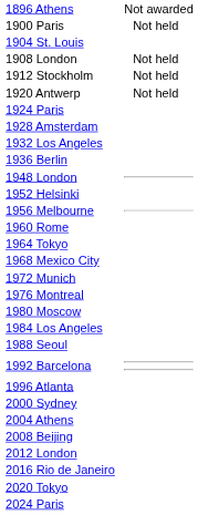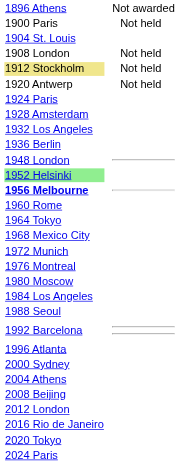 <table>
 <tr>
 <td><a href='#'>1896 Athens</a><br></td>
 <td></td>
 <td></td>
 <td>Not awarded</td>
 </tr>
 <tr>
 <td>1900 Paris</td>
 <td colspan=3 align=center>Not held</td>
 </tr>
 <tr>
 <td><a href='#'>1904 St. Louis</a><br></td>
 <td></td>
 <td></td>
 <td></td>
 </tr>
 <tr>
 <td>1908 London</td>
 <td colspan=3 align=center>Not held</td>
 </tr>
 <tr>
-<td>1912 Stockholm</td>
+<td style="background: khaki;">1912 Stockholm</td>
 <td colspan=3 align=center>Not held</td>
 </tr>
 <tr>
 <td>1920 Antwerp</td>
 <td colspan=3 align=center>Not held</td>
 </tr>
 <tr>
 <td><a href='#'>1924 Paris</a><br></td>
 <td></td>
 <td></td>
 <td></td>
 </tr>
 <tr>
 <td><a href='#'>1928 Amsterdam</a><br></td>
 <td></td>
 <td></td>
 <td></td>
 </tr>
 <tr>
 <td><a href='#'>1932 Los Angeles</a><br></td>
 <td></td>
 <td></td>
 <td></td>
 </tr>
 <tr>
 <td><a href='#'>1936 Berlin</a><br></td>
 <td></td>
 <td></td>
 <td></td>
 </tr>
 <tr>
 <td><a href='#'>1948 London</a><br></td>
 <td></td>
 <td></td>
 <td><hr></td>
 </tr>
 <tr>
-<td><a href='#'>1952 Helsinki</a><br></td>
+<td style="background: lightgreen;"><a href='#'>1952 Helsinki</a><br></td>
 <td></td>
 <td></td>
 <td></td>
 </tr>
 <tr>
-<td><a href='#'>1956 Melbourne</a><br></td>
+<td><strong><a href='#'>1956 Melbourne</a><br></strong></td>
 <td></td>
 <td></td>
 <td><hr></td>
 </tr>
 <tr>
 <td><a href='#'>1960 Rome</a><br></td>
 <td></td>
 <td></td>
 <td></td>
 </tr>
 <tr>
 <td><a href='#'>1964 Tokyo</a><br></td>
 <td></td>
 <td></td>
 <td></td>
 </tr>
 <tr>
 <td><a href='#'>1968 Mexico City</a><br></td>
 <td></td>
 <td></td>
 <td></td>
 </tr>
 <tr>
 <td><a href='#'>1972 Munich</a><br></td>
 <td></td>
 <td></td>
 <td></td>
 </tr>
 <tr>
 <td><a href='#'>1976 Montreal</a><br></td>
 <td></td>
 <td></td>
 <td></td>
 </tr>
 <tr>
 <td><a href='#'>1980 Moscow</a><br></td>
 <td></td>
 <td></td>
 <td></td>
 </tr>
 <tr>
 <td><a href='#'>1984 Los Angeles</a><br></td>
 <td></td>
 <td></td>
 <td></td>
 </tr>
 <tr>
 <td><a href='#'>1988 Seoul</a><br></td>
 <td></td>
 <td></td>
 <td></td>
 </tr>
 <tr>
 <td><a href='#'>1992 Barcelona</a><br></td>
 <td></td>
 <td></td>
 <td><hr><hr></td>
 </tr>
 <tr>
 <td><a href='#'>1996 Atlanta</a><br></td>
 <td></td>
 <td></td>
 <td></td>
 </tr>
 <tr>
 <td><a href='#'>2000 Sydney</a><br></td>
 <td></td>
 <td></td>
 <td></td>
 </tr>
 <tr>
 <td><a href='#'>2004 Athens</a><br></td>
 <td></td>
 <td></td>
 <td></td>
 </tr>
 <tr>
 <td><a href='#'>2008 Beijing</a><br></td>
 <td></td>
 <td></td>
 <td></td>
 </tr>
 <tr>
 <td><a href='#'>2012 London</a><br></td>
 <td></td>
 <td></td>
 <td></td>
 </tr>
 <tr>
 <td><a href='#'>2016 Rio de Janeiro</a><br></td>
 <td></td>
 <td></td>
 <td></td>
 </tr>
 <tr>
 <td><a href='#'>2020 Tokyo</a><br></td>
 <td></td>
 <td></td>
 <td></td>
 </tr>
 <tr>
 <td><a href='#'>2024 Paris</a><br></td>
 <td></td>
 <td></td>
 <td></td>
 </tr>
 </table>
